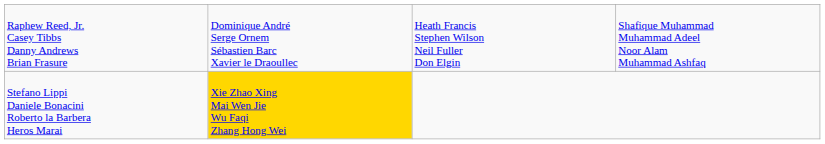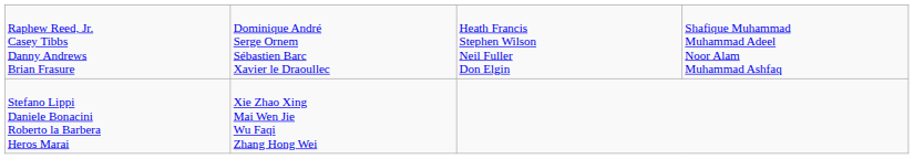 <table class="wikitable">
 <tr>
 <td style="vertical-align:top; width:18em"><br><a href='#'>Raphew Reed, Jr.</a><br><a href='#'>Casey Tibbs</a><br><a href='#'>Danny Andrews</a><br><a href='#'>Brian Frasure</a></td>
 <td style="vertical-align:top; width:18em"><br><a href='#'>Dominique André</a><br><a href='#'>Serge Ornem</a><br><a href='#'>Sébastien Barc</a><br><a href='#'>Xavier le Draoullec</a></td>
 <td style="vertical-align:top; width:18em"><br><a href='#'>Heath Francis</a><br><a href='#'>Stephen Wilson</a><br><a href='#'>Neil Fuller</a><br><a href='#'>Don Elgin</a></td>
 <td style="vertical-align:top; width:18em"><br><a href='#'>Shafique Muhammad</a><br><a href='#'>Muhammad Adeel</a><br><a href='#'>Noor Alam</a><br><a href='#'>Muhammad Ashfaq</a></td>
 </tr>
 <tr>
 <td style="vertical-align:top; width:18em"><br><a href='#'>Stefano Lippi</a><br><a href='#'>Daniele Bonacini</a><br><a href='#'>Roberto la Barbera</a><br><a href='#'>Heros Marai</a></td>
-<td style="background: gold; vertical-align:top; width:18em"><br><a href='#'>Xie Zhao Xing</a><br><a href='#'>Mai Wen Jie</a><br><a href='#'>Wu Faqi</a><br><a href='#'>Zhang Hong Wei</a></td>
+<td style="vertical-align:top; width:18em"><br><a href='#'>Xie Zhao Xing</a><br><a href='#'>Mai Wen Jie</a><br><a href='#'>Wu Faqi</a><br><a href='#'>Zhang Hong Wei</a></td>
 </tr>
 </table>
